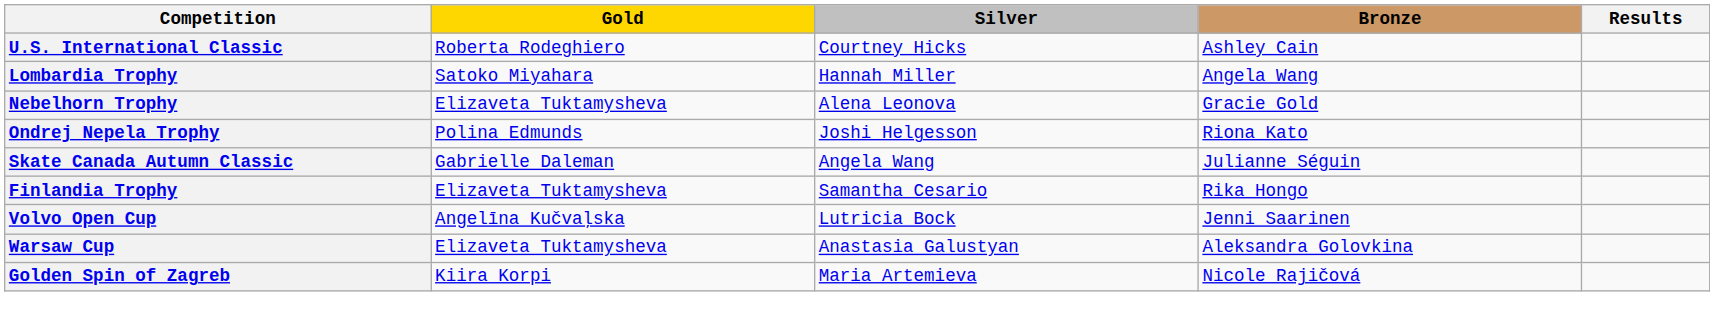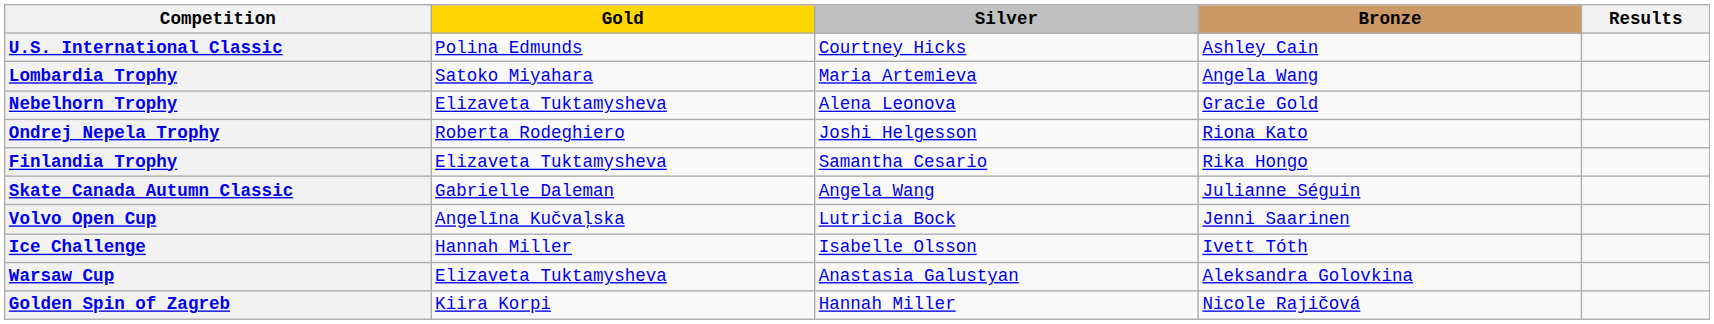 <table class="wikitable unsortable" style="text-align:left; width:100%;">
 <tr>
 <th scope="col" style="text-align:center; width:25%;">Competition</th>
 <td scope="col" style="text-align:center; width:22.5%; background:gold"><strong>Gold</strong></td>
 <td scope="col" style="text-align:center; width:22.5%; background:silver"><strong>Silver</strong></td>
 <td scope="col" style="text-align:center; width:22.5%; background:#c96"><strong>Bronze</strong></td>
 <th scope="col" style="text-align:center; width:7.5%;">Results</th>
 </tr>
 <tr>
 <th scope="row" style="text-align:left"> <a href='#'>U.S. International Classic</a></th>
-<td> <a href='#'>Roberta Rodeghiero</a></td>
+<td> <a href='#'>Polina Edmunds</a></td>
 <td> <a href='#'>Courtney Hicks</a></td>
 <td> <a href='#'>Ashley Cain</a></td>
 <td></td>
 </tr>
 <tr>
 <th scope="row" style="text-align:left"> <a href='#'>Lombardia Trophy</a></th>
 <td> <a href='#'>Satoko Miyahara</a></td>
-<td> <a href='#'>Hannah Miller</a></td>
+<td> <a href='#'>Maria Artemieva</a></td>
 <td> <a href='#'>Angela Wang</a></td>
 <td></td>
 </tr>
 <tr>
 <th scope="row" style="text-align:left"> <a href='#'>Nebelhorn Trophy</a></th>
 <td> <a href='#'>Elizaveta Tuktamysheva</a></td>
 <td> <a href='#'>Alena Leonova</a></td>
 <td> <a href='#'>Gracie Gold</a></td>
 <td></td>
 </tr>
 <tr>
 <th scope="row" style="text-align:left"> <a href='#'>Ondrej Nepela Trophy</a></th>
-<td> <a href='#'>Polina Edmunds</a></td>
+<td> <a href='#'>Roberta Rodeghiero</a></td>
 <td> <a href='#'>Joshi Helgesson</a></td>
 <td> <a href='#'>Riona Kato</a></td>
+<td></td>
+</tr>
+<tr>
+<th scope="row" style="text-align:left"> <a href='#'>Finlandia Trophy</a></th>
+<td> <a href='#'>Elizaveta Tuktamysheva</a></td>
+<td> <a href='#'>Samantha Cesario</a></td>
+<td> <a href='#'>Rika Hongo</a></td>
 <td></td>
 </tr>
 <tr>
 <th scope="row" style="text-align:left"> <a href='#'>Skate Canada Autumn Classic</a></th>
 <td> <a href='#'>Gabrielle Daleman</a></td>
 <td> <a href='#'>Angela Wang</a></td>
 <td> <a href='#'>Julianne Séguin</a></td>
 <td></td>
 </tr>
 <tr>
-<th scope="row" style="text-align:left"> <a href='#'>Finlandia Trophy</a></th>
-<td> <a href='#'>Elizaveta Tuktamysheva</a></td>
-<td> <a href='#'>Samantha Cesario</a></td>
-<td> <a href='#'>Rika Hongo</a></td>
-<td></td>
-</tr>
-<tr>
 <th scope="row" style="text-align:left"> <a href='#'>Volvo Open Cup</a></th>
 <td> <a href='#'>Angelīna Kučvaļska</a></td>
 <td> <a href='#'>Lutricia Bock</a></td>
 <td> <a href='#'>Jenni Saarinen</a></td>
+<td></td>
+</tr>
+<tr>
+<th scope="row" style="text-align:left"> <a href='#'>Ice Challenge</a></th>
+<td> <a href='#'>Hannah Miller</a></td>
+<td> <a href='#'>Isabelle Olsson</a></td>
+<td> <a href='#'>Ivett Tóth</a></td>
 <td></td>
 </tr>
 <tr>
 <th scope="row" style="text-align:left"> <a href='#'>Warsaw Cup</a></th>
 <td> <a href='#'>Elizaveta Tuktamysheva</a></td>
 <td> <a href='#'>Anastasia Galustyan</a></td>
 <td> <a href='#'>Aleksandra Golovkina</a></td>
 <td></td>
 </tr>
 <tr>
 <th scope="row" style="text-align:left"> <a href='#'>Golden Spin of Zagreb</a></th>
 <td> <a href='#'>Kiira Korpi</a></td>
-<td> <a href='#'>Maria Artemieva</a></td>
+<td> <a href='#'>Hannah Miller</a></td>
 <td> <a href='#'>Nicole Rajičová</a></td>
 <td></td>
 </tr>
 </table>
